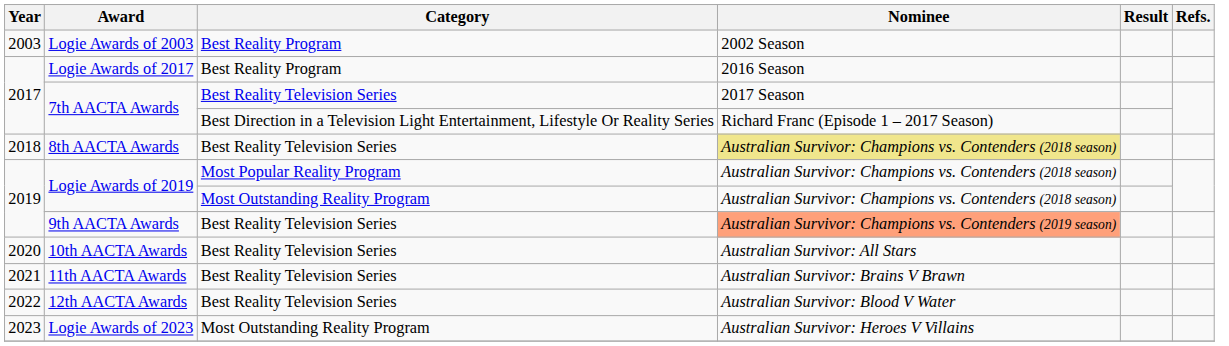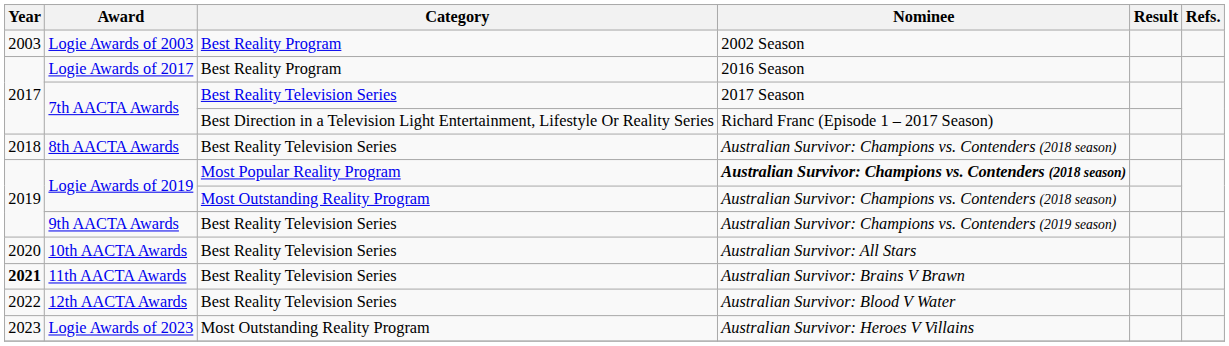 <table class="wikitable">
 <tr>
 <th>Year</th>
 <th>Award</th>
 <th>Category</th>
 <th>Nominee</th>
 <th>Result</th>
 <th>Refs.</th>
 </tr>
 <tr>
 <td>2003</td>
 <td><a href='#'>Logie Awards of 2003</a></td>
 <td><a href='#'>Best Reality Program</a></td>
 <td>2002 Season</td>
 <td></td>
 <td></td>
 </tr>
 <tr>
 <td rowspan=3>2017</td>
 <td><a href='#'>Logie Awards of 2017</a></td>
 <td>Best Reality Program</td>
 <td>2016 Season</td>
 <td></td>
 <td></td>
 </tr>
 <tr>
 <td rowspan=2><a href='#'>7th AACTA Awards</a></td>
 <td><a href='#'>Best Reality Television Series</a></td>
 <td>2017 Season</td>
 <td></td>
 <td rowspan=2></td>
 </tr>
 <tr>
 <td>Best Direction in a Television Light Entertainment, Lifestyle Or Reality Series</td>
 <td>Richard Franc (Episode 1 – 2017 Season)</td>
 <td></td>
 </tr>
 <tr>
 <td>2018</td>
 <td><a href='#'>8th AACTA Awards</a></td>
 <td>Best Reality Television Series</td>
-<td style="background: khaki;"><em>Australian Survivor: Champions vs. Contenders</em> <small><em>(2018 season)</em></small></td>
+<td><em>Australian Survivor: Champions vs. Contenders</em> <small><em>(2018 season)</em></small></td>
 <td></td>
 <td></td>
 </tr>
 <tr>
 <td rowspan=3>2019</td>
 <td rowspan=2><a href='#'>Logie Awards of 2019</a></td>
 <td><a href='#'>Most Popular Reality Program</a></td>
-<td><em>Australian Survivor: Champions vs. Contenders</em> <small><em>(2018 season)</em></small></td>
+<td><strong><em>Australian Survivor: Champions vs. Contenders</em> <small><em>(2018 season)</em></small></strong></td>
 <td></td>
 <td rowspan=2></td>
 </tr>
 <tr>
 <td><a href='#'>Most Outstanding Reality Program</a></td>
 <td><em>Australian Survivor: Champions vs. Contenders</em> <small><em>(2018 season)</em></small></td>
 <td></td>
 </tr>
 <tr>
 <td><a href='#'>9th AACTA Awards</a></td>
 <td>Best Reality Television Series</td>
-<td style="background: lightsalmon;"><em>Australian Survivor: Champions vs. Contenders</em> <small><em>(2019 season)</em></small></td>
+<td><em>Australian Survivor: Champions vs. Contenders</em> <small><em>(2019 season)</em></small></td>
 <td></td>
 <td></td>
 </tr>
 <tr>
 <td>2020</td>
 <td><a href='#'>10th AACTA Awards</a></td>
 <td>Best Reality Television Series</td>
 <td><em>Australian Survivor: All Stars</em></td>
 <td></td>
 <td></td>
 </tr>
 <tr>
-<td>2021</td>
+<td><strong>2021</strong></td>
 <td><a href='#'>11th AACTA Awards</a></td>
 <td>Best Reality Television Series</td>
 <td><em>Australian Survivor: Brains V Brawn</em></td>
 <td></td>
 <td></td>
 </tr>
 <tr>
 <td>2022</td>
 <td><a href='#'>12th AACTA Awards</a></td>
 <td>Best Reality Television Series</td>
 <td><em>Australian Survivor: Blood V Water</em></td>
 <td></td>
 <td></td>
 </tr>
 <tr>
 <td>2023</td>
 <td><a href='#'>Logie Awards of 2023</a></td>
 <td>Most Outstanding Reality Program</td>
 <td><em>Australian Survivor: Heroes V Villains</em></td>
 <td></td>
 <td></td>
 </tr>
 <tr>
 </tr>
 </table>
